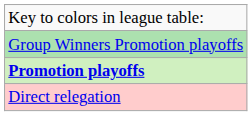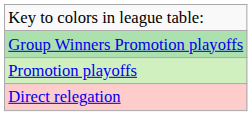 <table class="wikitable">
 <tr>
 <td>Key to colors in league table:</td>
 </tr>
 <tr ! style="background:#ACE1AF;">
 <td><a href='#'>Group Winners Promotion playoffs</a></td>
 </tr>
 <tr ! style="background:#D0F0C0;">
-<td><strong><a href='#'>Promotion playoffs</a></strong></td>
+<td><a href='#'>Promotion playoffs</a></td>
 </tr>
 <tr ! style="background:#FFCCCC">
 <td><a href='#'>Direct relegation</a></td>
 </tr>
 </table>
